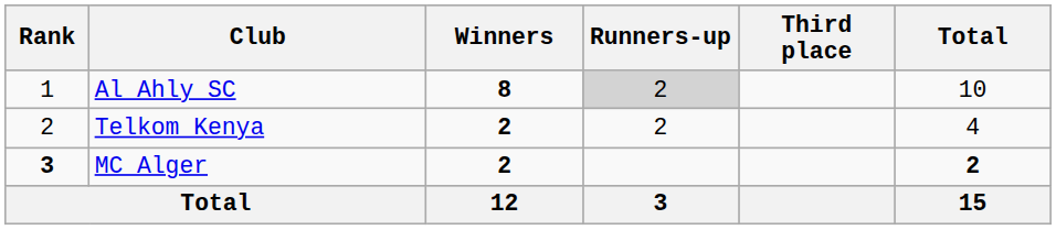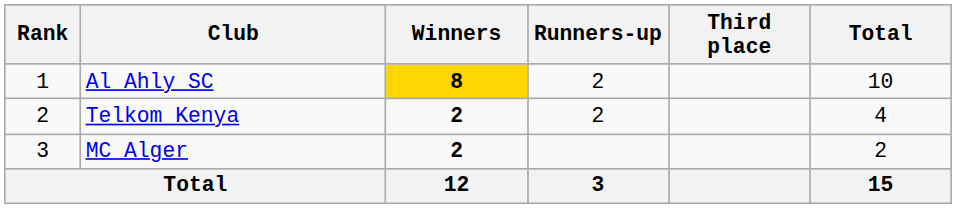 <table class="wikitable" style="text-align:center">
 <tr>
 <th width=40>Rank</th>
 <th width=180>Club</th>
 <th width=80>Winners</th>
 <th width=80>Runners-up</th>
 <th width=80>Third place</th>
 <th width=80>Total</th>
 </tr>
 <tr>
 <td>1</td>
 <td style="text-align:left"> <a href='#'>Al Ahly SC</a></td>
-<td><strong>8</strong></td>
-<td style="background: lightgrey;">2</td>
+<td style="background: gold;"><strong>8</strong></td>
+<td>2</td>
 <td></td>
 <td>10</td>
 </tr>
 <tr>
 <td>2</td>
 <td style="text-align:left"><a href='#'>Telkom Kenya</a></td>
 <td><strong>2</strong></td>
 <td>2</td>
 <td></td>
 <td>4</td>
 </tr>
 <tr>
-<td><strong>3</strong></td>
+<td>3</td>
 <td style="text-align:left"> <a href='#'>MC Alger</a></td>
 <td><strong>2</strong></td>
 <td></td>
 <td></td>
-<td><strong>2</strong></td>
+<td>2</td>
 </tr>
 <tr>
 <th colspan=2>Total</th>
 <th>12</th>
 <th>3</th>
 <th></th>
 <th>15</th>
 </tr>
 </table>
